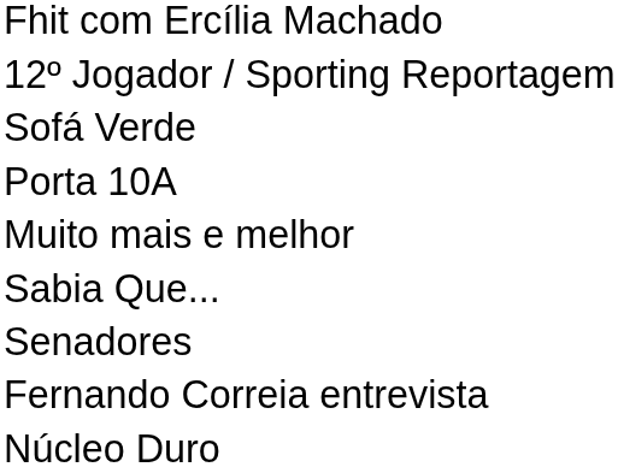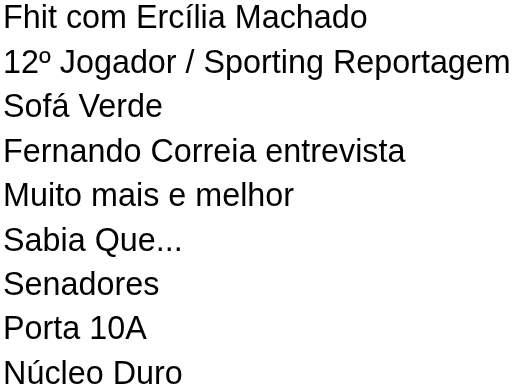 <table>
 <tr>
 <td>Fhit com Ercília Machado</td>
 </tr>
 <tr>
 <td>12º Jogador / Sporting Reportagem</td>
 </tr>
 <tr>
 <td>Sofá Verde</td>
 </tr>
 <tr>
-<td>Porta 10A</td>
+<td>Fernando Correia entrevista</td>
 </tr>
 <tr>
 <td>Muito mais e melhor</td>
 </tr>
 <tr>
 <td>Sabia Que...</td>
 </tr>
 <tr>
 <td>Senadores</td>
 </tr>
 <tr>
-<td>Fernando Correia entrevista</td>
+<td>Porta 10A</td>
 </tr>
 <tr>
 <td>Núcleo Duro</td>
 </tr>
 <tr>
 </tr>
 </table>
